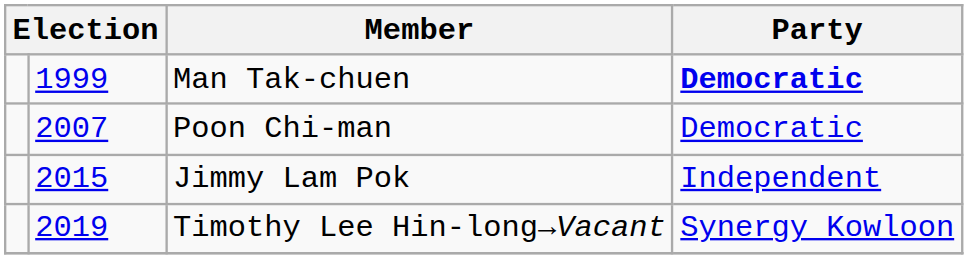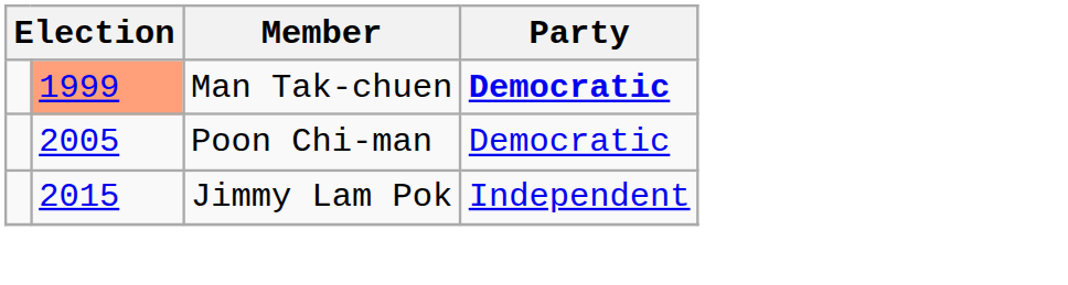 <table class="wikitable">
 <tr>
 <th colspan="2">Election</th>
 <th>Member</th>
 <th>Party</th>
 </tr>
 <tr>
 <td style="background-color: "></td>
-<td><a href='#'>1999</a></td>
+<td style="background: lightsalmon;"><a href='#'>1999</a></td>
 <td>Man Tak-chuen</td>
 <td><strong><a href='#'>Democratic</a></strong></td>
 </tr>
 <tr>
 <td style="background-color: "></td>
-<td><a href='#'>2007</a></td>
+<td><a href='#'>2005</a></td>
 <td>Poon Chi-man</td>
 <td><a href='#'>Democratic</a></td>
 </tr>
 <tr>
 <td style="background-color: "></td>
 <td><a href='#'>2015</a></td>
 <td>Jimmy Lam Pok</td>
 <td><a href='#'>Independent</a></td>
 </tr>
 <tr>
-<td style="background-color: "></td>
-<td><a href='#'>2019</a></td>
-<td>Timothy Lee Hin-long→<em>Vacant</em></td>
-<td><a href='#'>Synergy Kowloon</a></td>
-</tr>
-<tr>
 </tr>
 </table>
